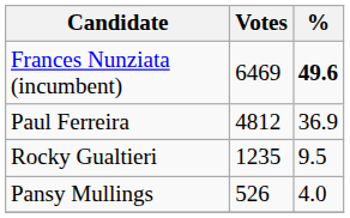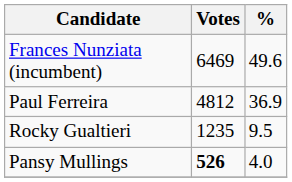 <table class="wikitable">
 <tr>
 <th bgcolor="#DDDDFF" width="150px">Candidate</th>
 <th bgcolor="#DDDDFF">Votes</th>
 <th bgcolor="#DDDDFF">%</th>
 </tr>
 <tr>
 <td><a href='#'>Frances Nunziata</a> (incumbent)</td>
 <td>6469</td>
-<td><strong>49.6</strong></td>
+<td>49.6</td>
 </tr>
 <tr>
 <td>Paul Ferreira</td>
 <td>4812</td>
 <td>36.9</td>
 </tr>
 <tr>
 <td>Rocky Gualtieri</td>
 <td>1235</td>
 <td>9.5</td>
 </tr>
 <tr>
 <td>Pansy Mullings</td>
-<td>526</td>
+<td><strong>526</strong></td>
 <td>4.0</td>
 </tr>
 <tr>
 </tr>
 </table>
